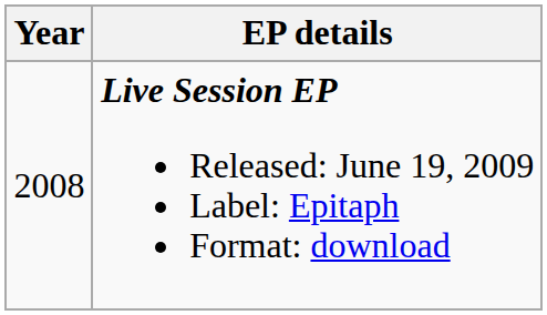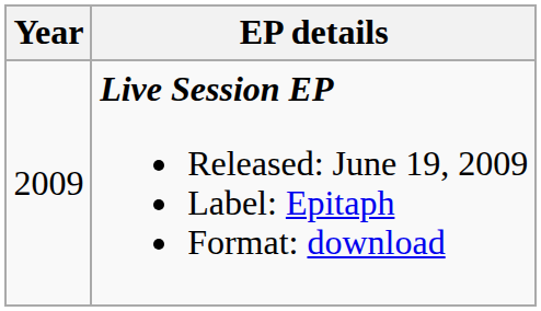 <table class ="wikitable">
 <tr>
 <th>Year</th>
 <th>EP details</th>
 </tr>
 <tr>
-<td>2008</td>
+<td>2009</td>
 <td><strong><em>Live Session EP</em></strong><br><ul><li>Released: June 19, 2009</li><li>Label: <a href='#'>Epitaph</a></li><li>Format: <a href='#'>download</a></li></ul></td>
 </tr>
 <tr>
 </tr>
 </table>
